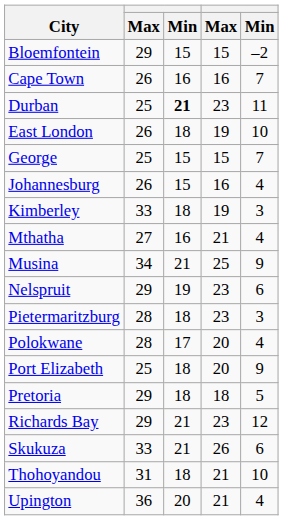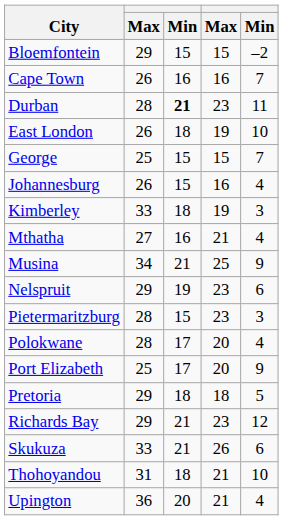 <table class="wikitable sortable" style="text-align:center; display:inline-table;">
 <tr>
 <th rowspan="2" valign=bottom>City</th>
 <th colspan="2"></th>
 <th colspan="2"></th>
 </tr>
 <tr>
 <th data-sort-type="number">Max</th>
 <th data-sort-type="number">Min</th>
 <th data-sort-type="number">Max</th>
 <th data-sort-type="number">Min</th>
 </tr>
 <tr>
 <td style=text-align:left><a href='#'>Bloemfontein</a></td>
 <td>29</td>
 <td>15</td>
 <td>15</td>
 <td>–2</td>
 </tr>
 <tr>
 <td style=text-align:left><a href='#'>Cape Town</a></td>
 <td>26</td>
 <td>16</td>
 <td>16</td>
 <td>7</td>
 </tr>
 <tr>
 <td style=text-align:left><a href='#'>Durban</a></td>
-<td>25</td>
+<td>28</td>
 <td><strong>21</strong></td>
 <td>23</td>
 <td>11</td>
 </tr>
 <tr>
 <td style=text-align:left><a href='#'>East London</a></td>
 <td>26</td>
 <td>18</td>
 <td>19</td>
 <td>10</td>
 </tr>
 <tr>
 <td style=text-align:left><a href='#'>George</a></td>
 <td>25</td>
 <td>15</td>
 <td>15</td>
 <td>7</td>
 </tr>
 <tr>
 <td style=text-align:left><a href='#'>Johannesburg</a></td>
 <td>26</td>
 <td>15</td>
 <td>16</td>
 <td>4</td>
 </tr>
 <tr>
 <td style=text-align:left><a href='#'>Kimberley</a></td>
 <td>33</td>
 <td>18</td>
 <td>19</td>
 <td>3</td>
 </tr>
 <tr>
 <td style=text-align:left><a href='#'>Mthatha</a></td>
 <td>27</td>
 <td>16</td>
 <td>21</td>
 <td>4</td>
 </tr>
 <tr>
 <td style=text-align:left><a href='#'>Musina</a></td>
 <td>34</td>
 <td>21</td>
 <td>25</td>
 <td>9</td>
 </tr>
 <tr>
 <td style=text-align:left><a href='#'>Nelspruit</a></td>
 <td>29</td>
 <td>19</td>
 <td>23</td>
 <td>6</td>
 </tr>
 <tr>
 <td style=text-align:left><a href='#'>Pietermaritzburg</a></td>
 <td>28</td>
-<td>18</td>
+<td>15</td>
 <td>23</td>
 <td>3</td>
 </tr>
 <tr>
 <td style=text-align:left><a href='#'>Polokwane</a></td>
 <td>28</td>
 <td>17</td>
 <td>20</td>
 <td>4</td>
 </tr>
 <tr>
 <td style=text-align:left><a href='#'>Port Elizabeth</a></td>
 <td>25</td>
-<td>18</td>
+<td>17</td>
 <td>20</td>
 <td>9</td>
 </tr>
 <tr>
 <td style=text-align:left><a href='#'>Pretoria</a></td>
 <td>29</td>
 <td>18</td>
 <td>18</td>
 <td>5</td>
 </tr>
 <tr>
 <td style=text-align:left><a href='#'>Richards Bay</a></td>
 <td>29</td>
 <td>21</td>
 <td>23</td>
 <td>12</td>
 </tr>
 <tr>
 <td style=text-align:left><a href='#'>Skukuza</a></td>
 <td>33</td>
 <td>21</td>
 <td>26</td>
 <td>6</td>
 </tr>
 <tr>
 <td style=text-align:left><a href='#'>Thohoyandou</a></td>
 <td>31</td>
 <td>18</td>
 <td>21</td>
 <td>10</td>
 </tr>
 <tr>
 <td style=text-align:left><a href='#'>Upington</a></td>
 <td>36</td>
 <td>20</td>
 <td>21</td>
 <td>4</td>
 </tr>
 </table>
